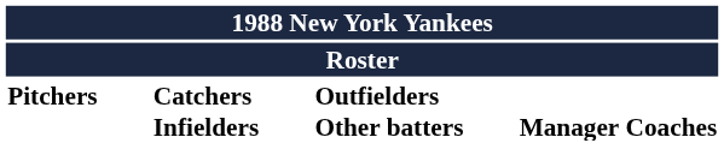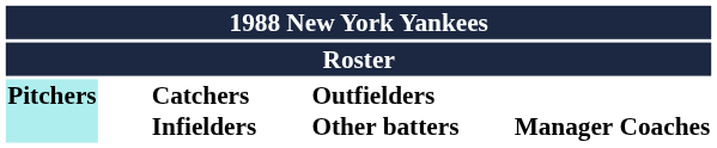 <table class="toccolours" style="font-size: 95%;">
 <tr>
 <th colspan="10" style="background-color: #1c2841; color: white; text-align: center;">1988 New York Yankees</th>
 </tr>
 <tr>
 <td colspan="10" style="background-color:#1c2841; color: white; text-align: center;"><strong>Roster</strong></td>
 </tr>
 <tr>
-<td valign="top"><strong>Pitchers</strong><br>                 </td>
+<td valign="top" style="background: paleturquoise;"><strong>Pitchers</strong><br>                 </td>
 <td width="25px"></td>
 <td valign="top"><strong>Catchers</strong><br>   <strong>Infielders</strong>          </td>
 <td width="25px"></td>
 <td valign="top"><strong>Outfielders</strong><br>       <strong>Other batters</strong>   </td>
 <td width="25px"></td>
 <td valign="top"><br><strong>Manager</strong>   <strong>Coaches</strong>         </td>
 </tr>
 </table>
